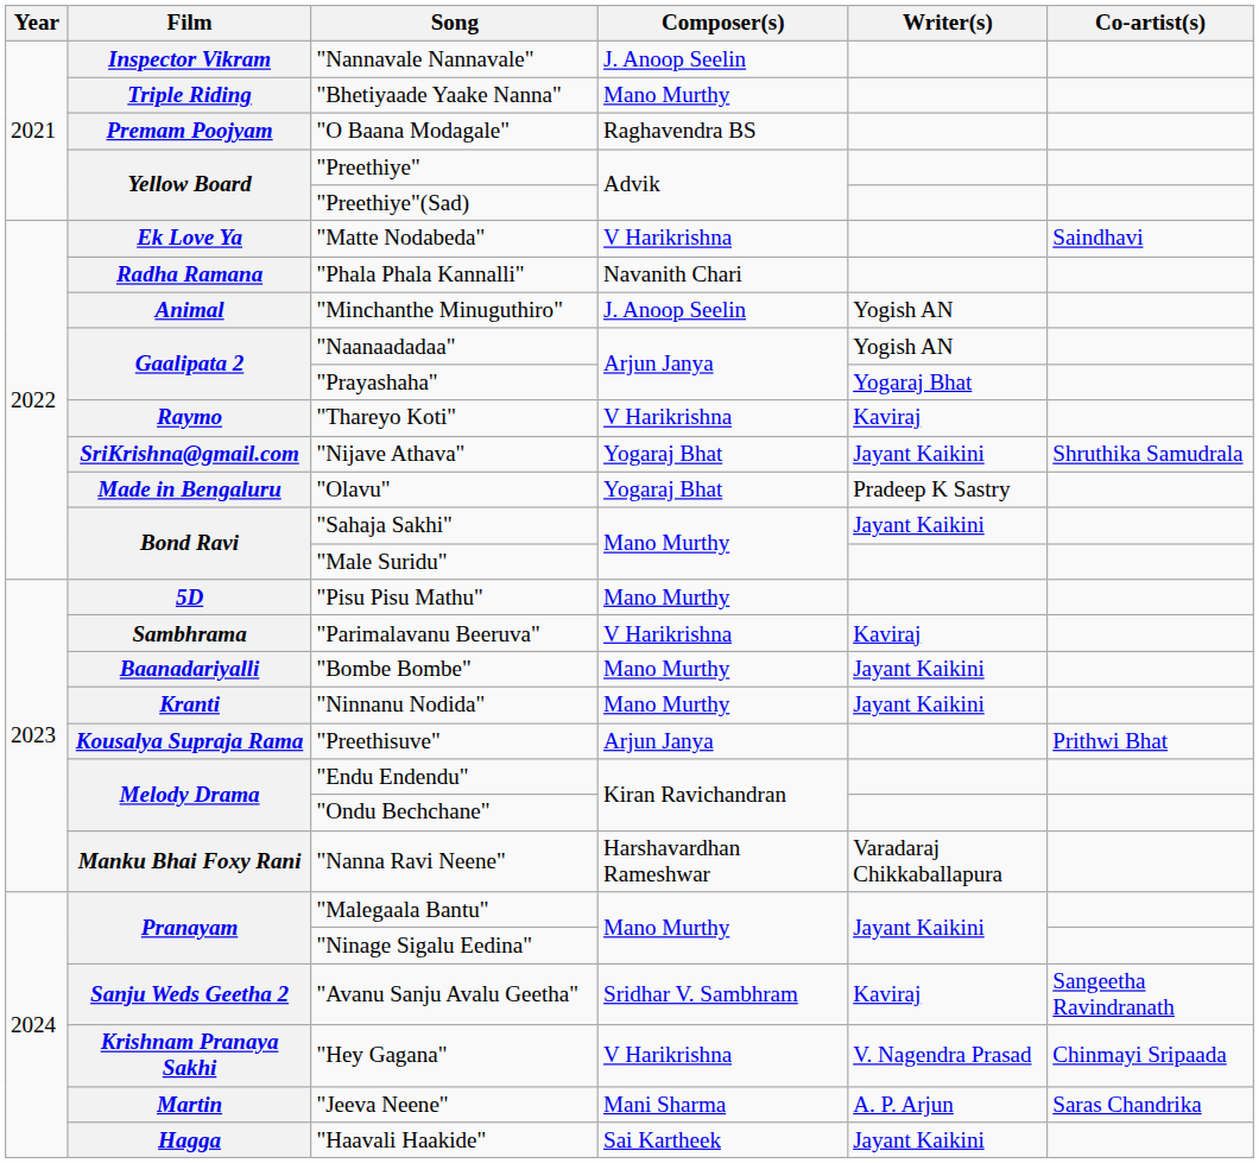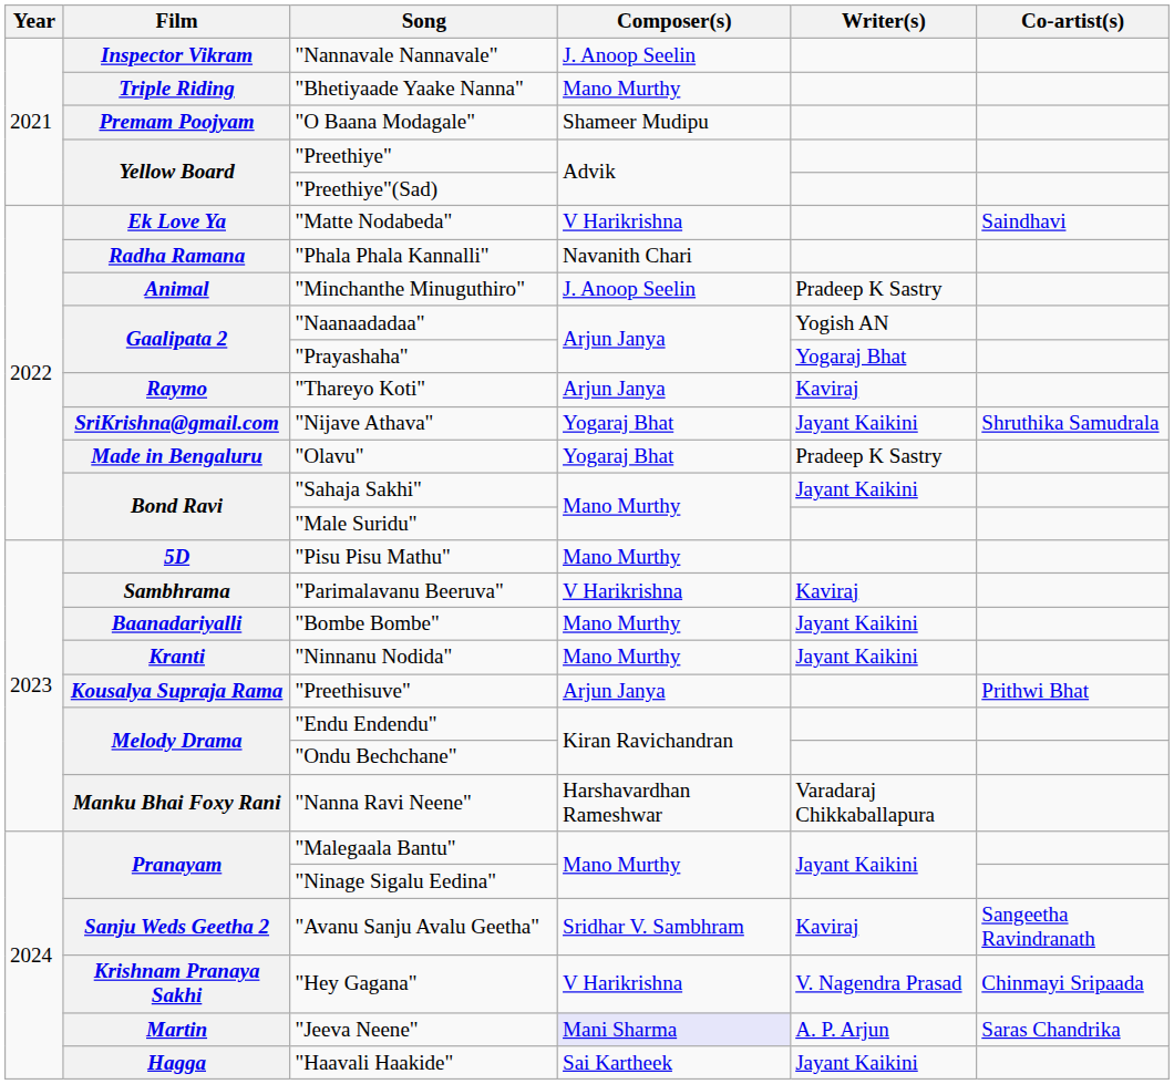 <table class="wikitable plainrowheaders" width="100%" textcolor:#000;">
 <tr style="background:#b0e0e66;">
 <th scope="col" width=5%><strong>Year</strong></th>
 <th><strong>Film</strong></th>
 <th scope="col" width=23%><strong>Song</strong></th>
 <th scope="col" width=20%><strong>Composer(s)</strong></th>
 <th scope="col" width=16%><strong>Writer(s)</strong></th>
 <th><strong>Co-artist(s)</strong></th>
 </tr>
 <tr>
 <td rowspan="5">2021</td>
 <th><a href='#'><em>Inspector Vikram</em></a></th>
 <td>"Nannavale Nannavale"</td>
 <td><a href='#'>J. Anoop Seelin</a></td>
 <td></td>
 <td></td>
 </tr>
 <tr>
 <th><em><a href='#'>Triple Riding</a></em></th>
 <td>"Bhetiyaade Yaake Nanna"</td>
 <td><a href='#'>Mano Murthy</a></td>
 <td></td>
 <td></td>
 </tr>
 <tr>
 <th><em><a href='#'>Premam Poojyam</a></em></th>
 <td>"O Baana Modagale"</td>
-<td>Raghavendra BS</td>
+<td>Shameer Mudipu</td>
 <td></td>
 <td></td>
 </tr>
 <tr>
 <th rowspan="2"><em>Yellow Board</em></th>
 <td>"Preethiye"</td>
 <td rowspan="2">Advik</td>
 <td></td>
 <td></td>
 </tr>
 <tr>
 <td>"Preethiye"(Sad)</td>
 <td></td>
 <td></td>
 </tr>
 <tr>
 <td rowspan="10">2022</td>
 <th><em><a href='#'>Ek Love Ya</a></em></th>
 <td>"Matte Nodabeda"</td>
 <td><a href='#'>V Harikrishna</a></td>
 <td></td>
 <td><a href='#'>Saindhavi</a></td>
 </tr>
 <tr>
 <th><em><a href='#'>Radha Ramana</a></em></th>
 <td>"Phala Phala Kannalli"</td>
 <td>Navanith Chari</td>
 <td></td>
 <td></td>
 </tr>
 <tr>
 <th><em><a href='#'>Animal</a></em></th>
 <td>"Minchanthe Minuguthiro"</td>
 <td><a href='#'>J. Anoop Seelin</a></td>
-<td>Yogish AN</td>
+<td>Pradeep K Sastry</td>
 <td></td>
 </tr>
 <tr>
 <th rowspan="2"><em><a href='#'>Gaalipata 2</a></em></th>
 <td>"Naanaadadaa"</td>
 <td rowspan="2"><a href='#'>Arjun Janya</a></td>
 <td>Yogish AN</td>
 <td></td>
 </tr>
 <tr>
 <td>"Prayashaha"</td>
 <td><a href='#'>Yogaraj Bhat</a></td>
 <td></td>
 </tr>
 <tr>
 <th><em><a href='#'>Raymo</a></em></th>
 <td>"Thareyo Koti"</td>
-<td><a href='#'>V Harikrishna</a></td>
+<td><a href='#'>Arjun Janya</a></td>
 <td><a href='#'>Kaviraj</a></td>
 <td></td>
 </tr>
 <tr>
 <th><em><a href='#'>SriKrishna@gmail.com</a></em></th>
 <td>"Nijave Athava"</td>
 <td><a href='#'>Yogaraj Bhat</a></td>
 <td><a href='#'>Jayant Kaikini</a></td>
 <td><a href='#'>Shruthika Samudrala</a></td>
 </tr>
 <tr>
 <th><em><a href='#'>Made in Bengaluru</a></em></th>
 <td>"Olavu"</td>
 <td><a href='#'>Yogaraj Bhat</a></td>
 <td>Pradeep K Sastry</td>
 <td></td>
 </tr>
 <tr>
 <th rowspan="2"><em>Bond Ravi</em></th>
 <td>"Sahaja Sakhi"</td>
 <td rowspan="2"><a href='#'>Mano Murthy</a></td>
 <td><a href='#'>Jayant Kaikini</a></td>
 <td></td>
 </tr>
 <tr>
 <td>"Male Suridu"</td>
 <td></td>
 <td></td>
 </tr>
 <tr>
 <td rowspan="8">2023</td>
 <th><em><a href='#'>5D</a></em></th>
 <td>"Pisu Pisu Mathu"</td>
 <td><a href='#'>Mano Murthy</a></td>
 <td></td>
 <td></td>
 </tr>
 <tr>
 <th><em>Sambhrama</em></th>
 <td>"Parimalavanu Beeruva"</td>
 <td><a href='#'>V Harikrishna</a></td>
 <td><a href='#'>Kaviraj</a></td>
 <td></td>
 </tr>
 <tr>
 <th><em><a href='#'>Baanadariyalli</a></em></th>
 <td>"Bombe Bombe"</td>
 <td><a href='#'>Mano Murthy</a></td>
 <td><a href='#'>Jayant Kaikini</a></td>
 <td></td>
 </tr>
 <tr>
 <th><em><a href='#'>Kranti</a></em></th>
 <td>"Ninnanu Nodida"</td>
 <td><a href='#'>Mano Murthy</a></td>
 <td><a href='#'>Jayant Kaikini</a></td>
 <td></td>
 </tr>
 <tr>
 <th><em><a href='#'>Kousalya Supraja Rama</a></em></th>
 <td>"Preethisuve"</td>
 <td><a href='#'>Arjun Janya</a></td>
 <td></td>
 <td><a href='#'>Prithwi Bhat</a></td>
 </tr>
 <tr>
 <th rowspan="2"><em><a href='#'>Melody Drama</a></em></th>
 <td>"Endu Endendu"</td>
 <td rowspan="2">Kiran Ravichandran</td>
 <td></td>
 <td></td>
 </tr>
 <tr>
 <td>"Ondu Bechchane"</td>
 <td></td>
 <td></td>
 </tr>
 <tr>
 <th><em>Manku Bhai Foxy Rani</em></th>
 <td>"Nanna Ravi Neene"</td>
 <td>Harshavardhan Rameshwar</td>
 <td>Varadaraj Chikkaballapura</td>
 <td></td>
 </tr>
 <tr>
 <td rowspan="7">2024</td>
 <th rowspan="2"><em><a href='#'>Pranayam</a></em></th>
 <td>"Malegaala Bantu"</td>
 <td rowspan="2"><a href='#'>Mano Murthy</a></td>
 <td rowspan="2"><a href='#'>Jayant Kaikini</a></td>
 <td></td>
 </tr>
 <tr>
 <td>"Ninage Sigalu Eedina"</td>
 <td></td>
 </tr>
 <tr>
 <th><em><a href='#'>Sanju Weds Geetha 2</a></em></th>
 <td>"Avanu Sanju Avalu Geetha"</td>
 <td><a href='#'>Sridhar V. Sambhram</a></td>
 <td><a href='#'>Kaviraj</a></td>
 <td><a href='#'>Sangeetha Ravindranath</a></td>
 </tr>
 <tr>
 <th><em><a href='#'>Krishnam Pranaya Sakhi</a></em></th>
 <td>"Hey Gagana"</td>
 <td><a href='#'>V Harikrishna</a></td>
 <td><a href='#'>V. Nagendra Prasad</a></td>
 <td><a href='#'>Chinmayi Sripaada</a></td>
 </tr>
 <tr>
 <th><em><a href='#'>Martin</a></em></th>
 <td>"Jeeva Neene"</td>
-<td><a href='#'>Mani Sharma</a></td>
+<td style="background: lavender;"><a href='#'>Mani Sharma</a></td>
 <td><a href='#'>A. P. Arjun</a></td>
 <td><a href='#'>Saras Chandrika</a></td>
 </tr>
 <tr>
 <th><em><a href='#'>Hagga</a></em></th>
 <td>"Haavali Haakide"</td>
 <td><a href='#'>Sai Kartheek</a></td>
 <td><a href='#'>Jayant Kaikini</a></td>
 <td></td>
 </tr>
 </table>
